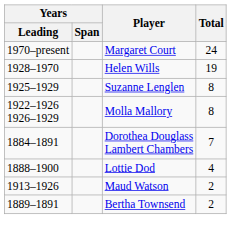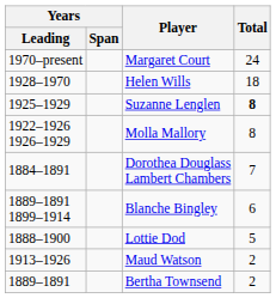 <table class="wikitable sortable" style="display:inline-table;">
 <tr>
 <th colspan="2" scope="col">Years</th>
 <th rowspan="2" scope="col">Player</th>
 <th rowspan="2" scope="col">Total</th>
 </tr>
 <tr>
 <th scope="col">Leading</th>
 <th scope="col">Span</th>
 </tr>
 <tr>
 <td>1970–present</td>
 <td style="text-align:center"></td>
 <td> <a href='#'>Margaret Court</a></td>
 <td style="text-align:center">24</td>
 </tr>
 <tr>
 <td>1928–1970</td>
 <td style="text-align:center"></td>
 <td> <a href='#'>Helen Wills</a></td>
-<td style="text-align:center">19</td>
+<td style="text-align:center">18</td>
 </tr>
 <tr>
 <td>1925–1929</td>
 <td style="text-align:center"></td>
 <td> <a href='#'>Suzanne Lenglen</a></td>
-<td style="text-align:center">8</td>
+<td style="text-align:center"><strong>8</strong></td>
 </tr>
 <tr>
 <td>1922–1926<br>1926–1929</td>
 <td style="text-align:center"></td>
 <td> <a href='#'>Molla Mallory</a></td>
 <td style="text-align:center">8</td>
 </tr>
 <tr>
 <td>1884–1891</td>
 <td style="text-align:center"></td>
 <td> <a href='#'>Dorothea Douglass <br> Lambert Chambers</a></td>
 <td style="text-align:center">7</td>
 </tr>
 <tr>
+<td>1889–1891<br>1899–1914</td>
+<td style="text-align:center"></td>
+<td> <a href='#'>Blanche Bingley</a></td>
+<td style="text-align:center">6</td>
+</tr>
+<tr>
 <td>1888–1900</td>
 <td style="text-align:center"></td>
 <td> <a href='#'>Lottie Dod</a></td>
-<td style="text-align:center">4</td>
+<td style="text-align:center">5</td>
 </tr>
 <tr>
 <td>1913–1926</td>
 <td style="text-align:center"></td>
 <td> <a href='#'>Maud Watson</a></td>
 <td style="text-align:center">2</td>
 </tr>
 <tr>
 <td>1889–1891</td>
 <td style="text-align:center"></td>
 <td> <a href='#'>Bertha Townsend</a></td>
 <td style="text-align:center">2</td>
 </tr>
 </table>
